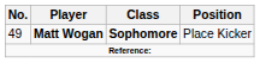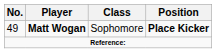 <table class="wikitable">
 <tr>
 <th>No.</th>
 <th>Player</th>
 <th>Class</th>
 <th>Position</th>
 </tr>
 <tr>
 <td>49</td>
 <td><strong>Matt Wogan</strong></td>
-<td><strong>Sophomore</strong></td>
-<td>Place Kicker</td>
+<td>Sophomore</td>
+<td><strong>Place Kicker</strong></td>
 </tr>
 <tr>
 <td colspan="4"  style="font-size:8pt; text-align:center;"><strong>Reference:</strong></td>
 </tr>
 </table>
